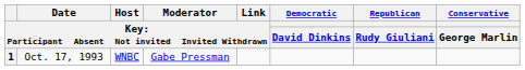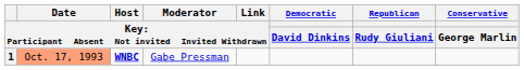 <table class="wikitable" style="text-align:center;">
 <tr>
 <th scope="col"></th>
 <th scope="col">Date</th>
 <th scope="col">Host</th>
 <th scope="col">Moderator</th>
 <th scope="col">Link</th>
 <th scope="col"><small><a href='#'>Democratic</a></small></th>
 <th scope="col"><small><a href='#'>Republican</a></small></th>
 <th scope="col"><small><a href='#'>Conservative</a></small></th>
 </tr>
 <tr>
 <th colspan="5" rowspan="2">Key:<br> <small>Participant </small>  <small>Absent </small>  <small>Not invited </small>  <small>Invited  Withdrawn</small></th>
 <th scope="col" style="background:"></th>
 <th scope="col" style="background:"></th>
 <th scope="col" style="background:"></th>
 </tr>
 <tr>
 <th scope="col"><a href='#'>David Dinkins</a></th>
 <th scope="col"><a href='#'>Rudy Giuliani</a></th>
 <th scope="col">George Marlin</th>
 </tr>
 <tr>
 <th>1</th>
-<td style="white-space:nowrap;">Oct. 17, 1993</td>
-<td style="white-space:nowrap;"><a href='#'>WNBC</a></td>
+<td style="background: lightsalmon; white-space:nowrap;">Oct. 17, 1993</td>
+<td style="white-space:nowrap;"><strong><a href='#'>WNBC</a></strong></td>
 <td style="white-space:nowrap;"><a href='#'>Gabe Pressman</a></td>
 <td style="white-space:nowrap;"></td>
 <td></td>
 <td></td>
 <td></td>
 </tr>
 </table>
